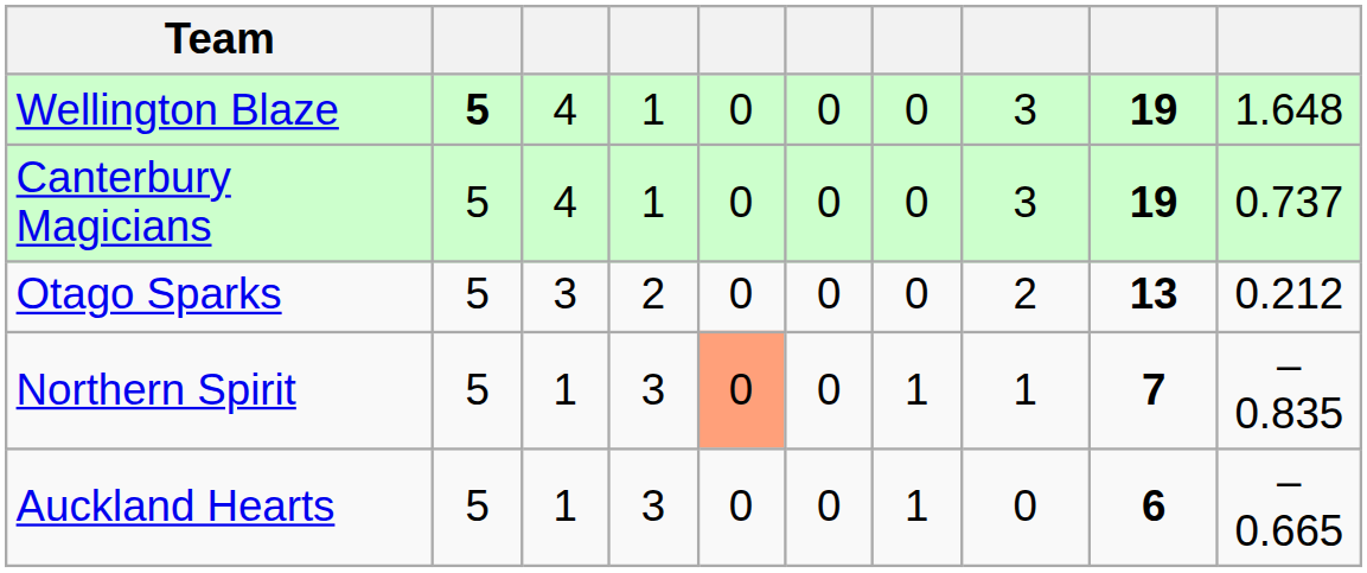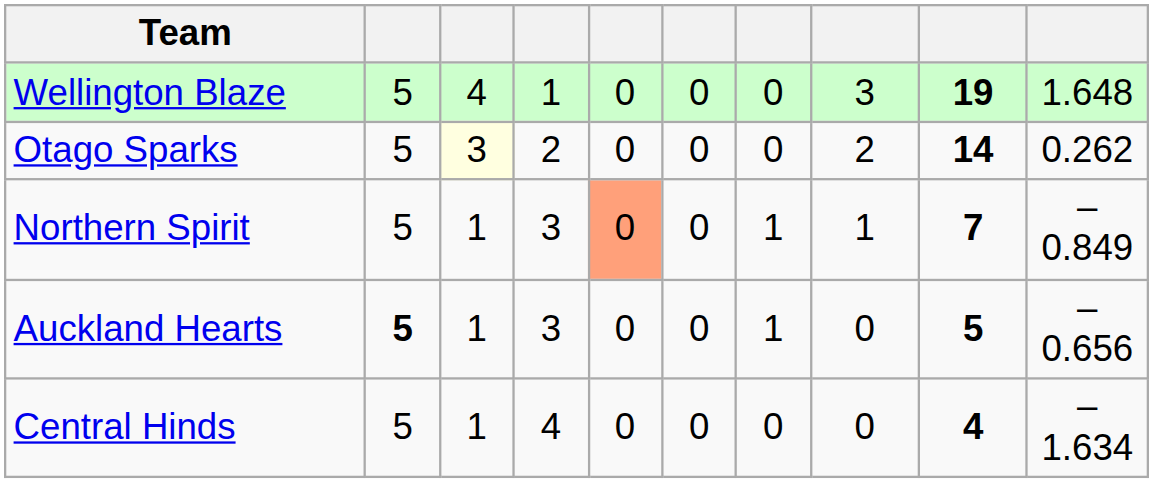 <table class="wikitable" style="text-align:center">
 <tr>
 <th width="150">Team</th>
 <th width="25"></th>
 <th width="25"></th>
 <th width="25"></th>
 <th width="25"></th>
 <th width="25"></th>
 <th width="25"></th>
 <th width="40"></th>
 <th width="40"></th>
 <th width="45"></th>
 </tr>
 <tr style="background:#cfc">
 <td style="text-align:left"><a href='#'>Wellington Blaze</a></td>
-<td><strong>5</strong></td>
+<td>5</td>
 <td>4</td>
 <td>1</td>
 <td>0</td>
 <td>0</td>
 <td>0</td>
 <td>3</td>
 <td><strong>19</strong></td>
 <td>1.648</td>
 </tr>
-<tr style="background:#cfc">
-<td style="text-align:left"><a href='#'>Canterbury Magicians</a></td>
-<td>5</td>
-<td>4</td>
-<td>1</td>
-<td>0</td>
-<td>0</td>
-<td>0</td>
-<td>3</td>
-<td><strong>19</strong></td>
-<td>0.737</td>
-</tr>
 <tr>
 <td style="text-align:left"><a href='#'>Otago Sparks</a></td>
 <td>5</td>
-<td>3</td>
+<td style="background: lightyellow;">3</td>
 <td>2</td>
 <td>0</td>
 <td>0</td>
 <td>0</td>
 <td>2</td>
-<td><strong>13</strong></td>
-<td>0.212</td>
+<td><strong>14</strong></td>
+<td>0.262</td>
 </tr>
 <tr>
 <td style="text-align:left"><a href='#'>Northern Spirit</a></td>
 <td>5</td>
 <td>1</td>
 <td>3</td>
 <td style="background: lightsalmon;">0</td>
 <td>0</td>
 <td>1</td>
 <td>1</td>
 <td><strong>7</strong></td>
-<td>–0.835</td>
+<td>–0.849</td>
 </tr>
 <tr>
 <td style="text-align:left"><a href='#'>Auckland Hearts</a></td>
-<td>5</td>
+<td><strong>5</strong></td>
 <td>1</td>
 <td>3</td>
 <td>0</td>
 <td>0</td>
 <td>1</td>
 <td>0</td>
-<td><strong>6</strong></td>
-<td>–0.665</td>
+<td><strong>5</strong></td>
+<td>–0.656</td>
+</tr>
+<tr>
+<td style="text-align:left"><a href='#'>Central Hinds</a></td>
+<td>5</td>
+<td>1</td>
+<td>4</td>
+<td>0</td>
+<td>0</td>
+<td>0</td>
+<td>0</td>
+<td><strong>4</strong></td>
+<td>–1.634</td>
 </tr>
 </table>
